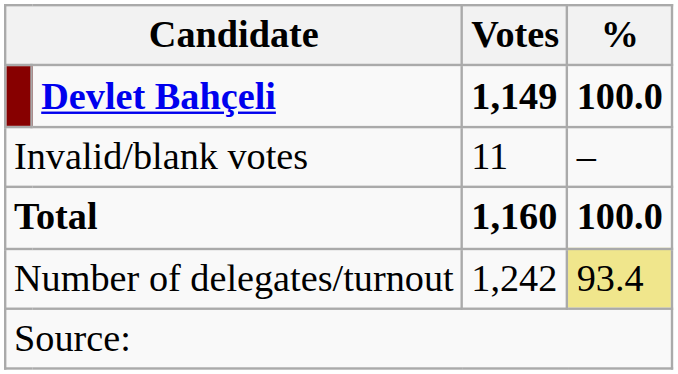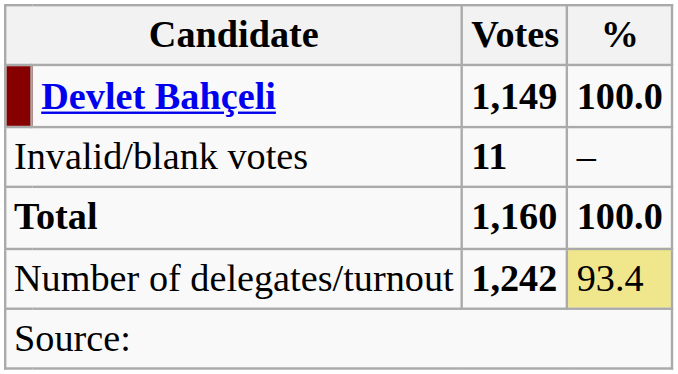 <table class="wikitable">
 <tr>
 <th colspan="2">Candidate</th>
 <th>Votes</th>
 <th>%</th>
 </tr>
 <tr>
 <td style="background: #870000; width:4px; text-align:center;"></td>
 <td><strong><a href='#'>Devlet Bahçeli</a></strong></td>
 <td><strong>1,149</strong></td>
 <td><strong>100.0</strong></td>
 </tr>
 <tr>
 <td colspan="2">Invalid/blank votes</td>
-<td>11</td>
+<td><strong>11</strong></td>
 <td>–</td>
 </tr>
 <tr>
 <td colspan="2"><strong>Total</strong></td>
 <td><strong>1,160</strong></td>
 <td><strong>100.0</strong></td>
 </tr>
 <tr>
 <td colspan="2">Number of delegates/turnout</td>
-<td>1,242</td>
+<td><strong>1,242</strong></td>
 <td style="background: khaki;">93.4</td>
 </tr>
 <tr>
 <td colspan="4">Source: </td>
 </tr>
 </table>
